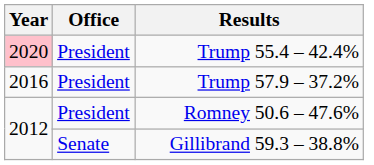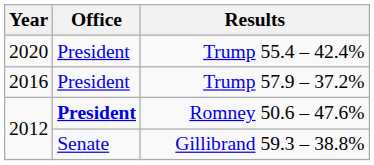 <table class=wikitable>
 <tr>
 <th width="30">Year</th>
 <th width="60">Office</th>
 <th width="180">Results</th>
 </tr>
 <tr>
-<td style="background: pink;">2020</td>
+<td>2020</td>
 <td><a href='#'>President</a></td>
 <td align="right" ><a href='#'>Trump</a> 55.4 – 42.4%</td>
 </tr>
 <tr>
 <td>2016</td>
 <td><a href='#'>President</a></td>
 <td align="right" ><a href='#'>Trump</a> 57.9 – 37.2%</td>
 </tr>
 <tr>
 <td rowspan="2">2012</td>
-<td><a href='#'>President</a></td>
+<td><strong><a href='#'>President</a></strong></td>
 <td align="right" ><a href='#'>Romney</a> 50.6 – 47.6%</td>
 </tr>
 <tr>
 <td><a href='#'>Senate</a></td>
 <td align="right" ><a href='#'>Gillibrand</a> 59.3 – 38.8%</td>
 </tr>
 </table>
